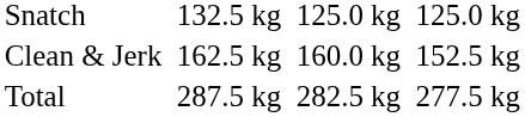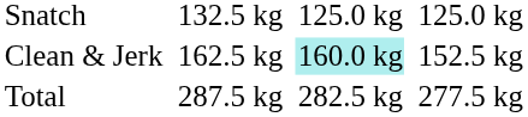 <table>
 <tr>
 <td>Snatch</td>
 <td></td>
 <td>132.5 kg</td>
 <td></td>
 <td>125.0 kg</td>
 <td></td>
 <td>125.0 kg</td>
 </tr>
 <tr>
 <td>Clean & Jerk</td>
 <td></td>
 <td>162.5 kg</td>
 <td></td>
-<td>160.0 kg</td>
+<td style="background: paleturquoise;">160.0 kg</td>
 <td></td>
 <td>152.5 kg</td>
 </tr>
 <tr>
 <td>Total</td>
 <td></td>
 <td>287.5 kg</td>
 <td></td>
 <td>282.5 kg</td>
 <td></td>
 <td>277.5 kg</td>
 </tr>
 </table>
